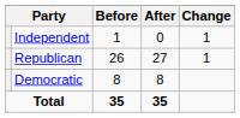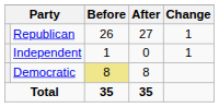 <table class="wikitable" style="text-align:center;">
 <tr>
 </tr>
 <tr>
 <th colspan=2>Party</th>
 <th>Before</th>
 <th>After</th>
 <th>Change</th>
 </tr>
 <tr>
 <th style="background-color:"></th>
+<td style="text-align:left;"><a href='#'>Republican</a></td>
+<td>26</td>
+<td>27</td>
+<td> 1</td>
+</tr>
+<tr>
+<th style="background-color:"></th>
 <td><a href='#'>Independent</a></td>
 <td>1</td>
 <td>0</td>
 <td> 1</td>
 </tr>
 <tr>
 <th style="background-color:"></th>
-<td style="text-align:left;"><a href='#'>Republican</a></td>
-<td>26</td>
-<td>27</td>
-<td> 1</td>
-</tr>
-<tr>
-<th style="background-color:"></th>
 <td style="text-align:left;"><a href='#'>Democratic</a></td>
-<td>8</td>
+<td style="background: khaki;">8</td>
 <td>8</td>
 <td></td>
 </tr>
 <tr>
 <td colspan=2><strong>Total</strong></td>
 <td><strong>35</strong></td>
 <td><strong>35</strong></td>
 <td></td>
 </tr>
 </table>
